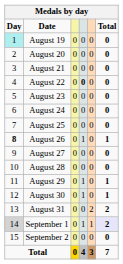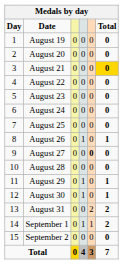 <table class=wikitable style="font-size:85%; float:right;text-align:center">
 <tr>
 <th colspan=7><strong>Medals by day</strong></th>
 </tr>
 <tr>
 <td><strong>Day</strong></td>
 <td><strong>Date</strong></td>
 <td bgcolor=F7F6A8></td>
 <td bgcolor=DCE5E5></td>
 <td bgcolor=FFDAB9></td>
 <td><strong>Total</strong></td>
 </tr>
 <tr>
-<td style="background: paleturquoise;">1</td>
+<td>1</td>
 <td>August 19</td>
 <td bgcolor=F7F6A8>0</td>
 <td bgcolor=DCE5E5>0</td>
 <td bgcolor=FFDAB9>0</td>
 <td><strong>0</strong></td>
 </tr>
 <tr>
 <td>2</td>
 <td>August 20</td>
 <td bgcolor=F7F6A8>0</td>
 <td bgcolor=DCE5E5>0</td>
 <td bgcolor=FFDAB9>0</td>
 <td><strong>0</strong></td>
 </tr>
 <tr>
 <td>3</td>
 <td>August 21</td>
 <td bgcolor=F7F6A8>0</td>
 <td bgcolor=DCE5E5>0</td>
 <td bgcolor=FFDAB9>0</td>
-<td><strong>0</strong></td>
+<td style="background: gold;"><strong>0</strong></td>
 </tr>
 <tr>
 <td>4</td>
 <td>August 22</td>
 <td bgcolor=F7F6A8>0</td>
-<td bgcolor=DCE5E5><strong>0</strong></td>
+<td bgcolor=DCE5E5>0</td>
 <td bgcolor=FFDAB9>0</td>
 <td><strong>0</strong></td>
 </tr>
 <tr>
 <td>5</td>
 <td>August 23</td>
 <td bgcolor=F7F6A8>0</td>
 <td bgcolor=DCE5E5>0</td>
 <td bgcolor=FFDAB9>0</td>
 <td><strong>0</strong></td>
 </tr>
 <tr>
 <td>6</td>
 <td>August 24</td>
 <td bgcolor=F7F6A8>0</td>
 <td bgcolor=DCE5E5>0</td>
 <td bgcolor=FFDAB9>0</td>
 <td><strong>0</strong></td>
 </tr>
 <tr>
 <td>7</td>
 <td>August 25</td>
 <td bgcolor=F7F6A8>0</td>
 <td bgcolor=DCE5E5>0</td>
 <td bgcolor=FFDAB9>0</td>
 <td><strong>0</strong></td>
 </tr>
 <tr>
-<td><strong>8</strong></td>
+<td>8</td>
 <td>August 26</td>
 <td bgcolor=F7F6A8>0</td>
 <td bgcolor=DCE5E5>1</td>
 <td bgcolor=FFDAB9>0</td>
 <td><strong>1</strong></td>
 </tr>
 <tr>
 <td>9</td>
 <td>August 27</td>
 <td bgcolor=F7F6A8>0</td>
 <td bgcolor=DCE5E5>0</td>
-<td bgcolor=FFDAB9>0</td>
+<td bgcolor=FFDAB9><strong>0</strong></td>
 <td><strong>0</strong></td>
 </tr>
 <tr>
 <td>10</td>
 <td>August 28</td>
 <td bgcolor=F7F6A8>0</td>
 <td bgcolor=DCE5E5>0</td>
 <td bgcolor=FFDAB9>0</td>
 <td><strong>0</strong></td>
 </tr>
 <tr>
 <td>11</td>
 <td>August 29</td>
 <td bgcolor=F7F6A8>0</td>
 <td bgcolor=DCE5E5>1</td>
 <td bgcolor=FFDAB9>0</td>
 <td><strong>1</strong></td>
 </tr>
 <tr>
 <td>12</td>
 <td>August 30</td>
 <td bgcolor=F7F6A8>0</td>
 <td bgcolor=DCE5E5>1</td>
 <td bgcolor=FFDAB9>0</td>
 <td><strong>1</strong></td>
 </tr>
 <tr>
 <td>13</td>
 <td>August 31</td>
 <td bgcolor=F7F6A8>0</td>
 <td bgcolor=DCE5E5>0</td>
 <td bgcolor=FFDAB9>2</td>
 <td><strong>2</strong></td>
 </tr>
 <tr>
-<td style="background: lightgrey;">14</td>
+<td>14</td>
 <td>September 1</td>
 <td bgcolor=F7F6A8>0</td>
 <td bgcolor=DCE5E5>1</td>
 <td bgcolor=FFDAB9>1</td>
-<td style="background: lavender;"><strong>2</strong></td>
+<td><strong>2</strong></td>
 </tr>
 <tr>
 <td>15</td>
 <td>September 2</td>
 <td bgcolor=F7F6A8>0</td>
 <td bgcolor=DCE5E5>0</td>
 <td bgcolor=FFDAB9>0</td>
 <td><strong>0</strong></td>
 </tr>
 <tr>
 <td colspan=2><strong>Total</strong></td>
 <td style="background:gold;"><strong>0</strong></td>
 <td style="background:silver;"><strong>4</strong></td>
 <td style="background:#c96;"><strong>3</strong></td>
 <td><strong>7</strong></td>
 </tr>
 </table>
